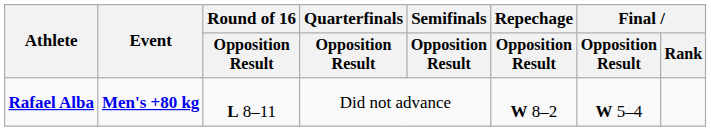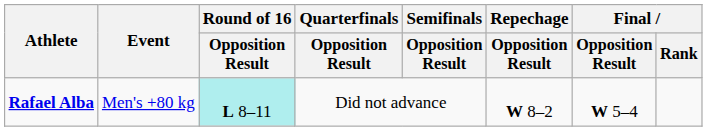 <table class="wikitable" style="font-size:90%;">
 <tr>
 <th rowspan=2>Athlete</th>
 <th rowspan=2>Event</th>
 <th>Round of 16</th>
 <th>Quarterfinals</th>
 <th>Semifinals</th>
 <th>Repechage</th>
 <th colspan=2>Final / </th>
 </tr>
 <tr style="font-size:95%">
 <th>Opposition<br>Result</th>
 <th>Opposition<br>Result</th>
 <th>Opposition<br>Result</th>
 <th>Opposition<br>Result</th>
 <th>Opposition<br>Result</th>
 <th>Rank</th>
 </tr>
 <tr align=center>
 <td align=left><strong><a href='#'>Rafael Alba</a></strong></td>
-<td align=left><strong><a href='#'>Men's +80 kg</a></strong></td>
-<td><br><strong>L</strong> 8–11</td>
+<td align=left><a href='#'>Men's +80 kg</a></td>
+<td style="background: paleturquoise;"><br><strong>L</strong> 8–11</td>
 <td colspan=2>Did not advance</td>
 <td><br><strong>W</strong> 8–2</td>
 <td><br><strong>W</strong> 5–4</td>
 <td></td>
 </tr>
 </table>
